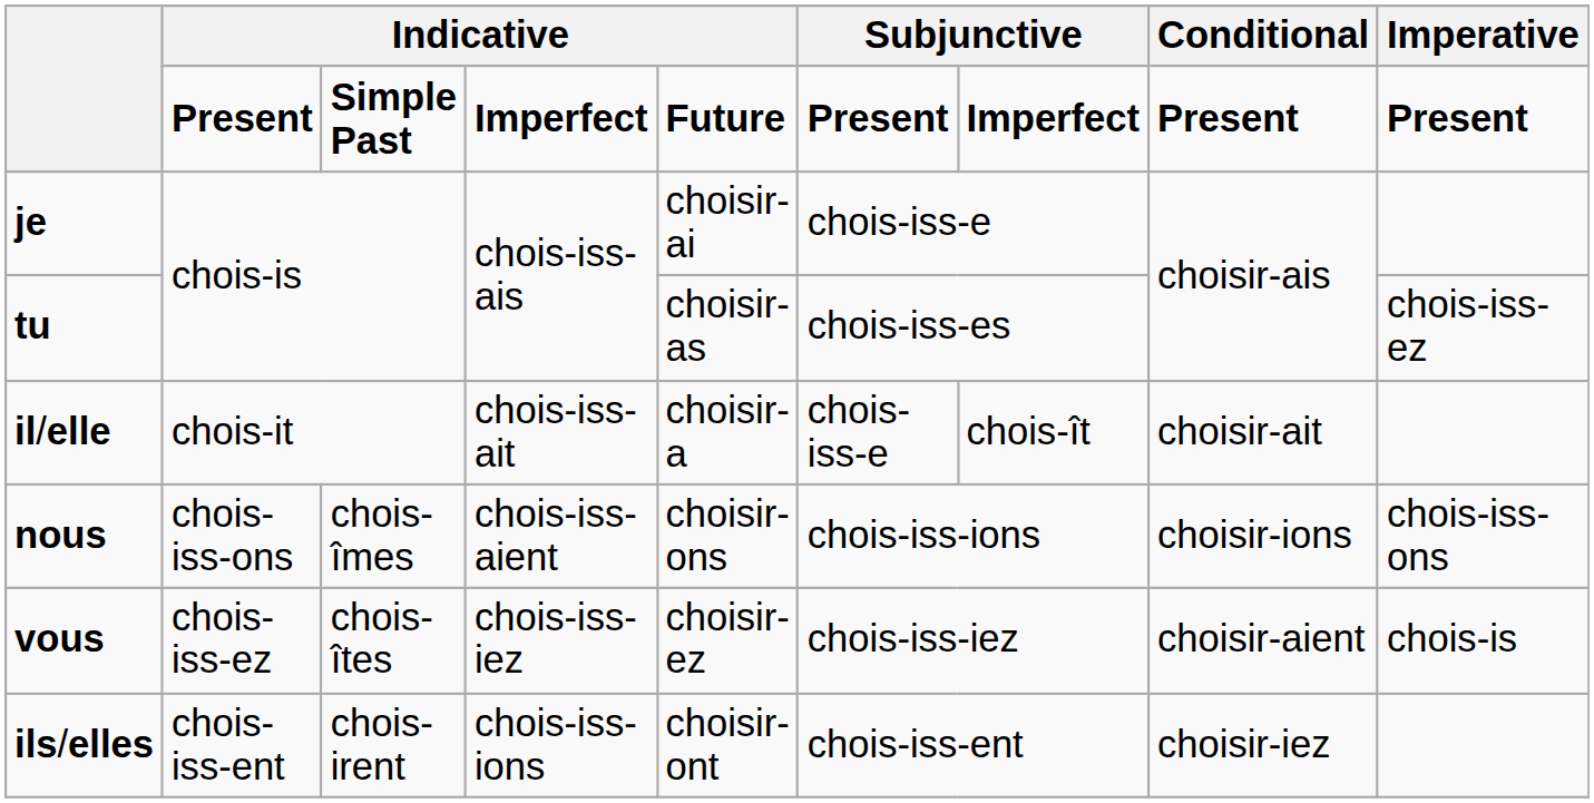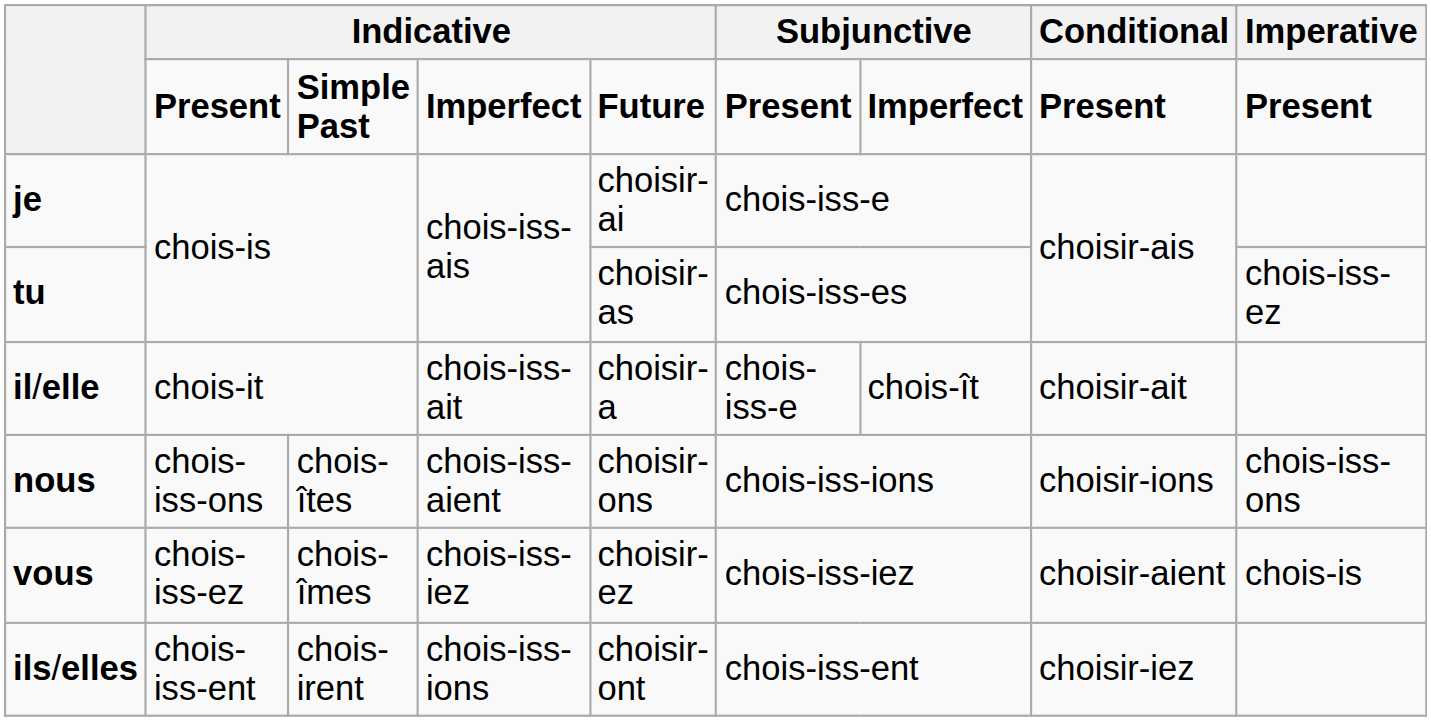 <table class="wikitable">
 <tr>
 <th rowspan="3" colspan="1"> </th>
 </tr>
 <tr>
 <th colspan="4" style="text-align: center;"><strong>Indicative</strong></th>
 <th colspan="2" style="text-align: center;"><strong>Subjunctive</strong></th>
 <th style="text-align: center;"><strong>Conditional</strong></th>
 <th style="text-align: center;"><strong>Imperative</strong></th>
 </tr>
 <tr>
 <td><strong>Present</strong></td>
 <td><strong>Simple Past</strong></td>
 <td><strong>Imperfect</strong></td>
 <td><strong>Future</strong></td>
 <td><strong>Present</strong></td>
 <td><strong>Imperfect</strong></td>
 <td><strong>Present</strong></td>
 <td><strong>Present</strong></td>
 </tr>
 <tr>
 <td><strong>je</strong></td>
 <td rowspan="2" colspan="2">chois-is</td>
 <td rowspan="2">chois-iss-ais</td>
 <td>choisir-ai</td>
 <td colspan="2">chois-iss-e</td>
 <td rowspan="2">choisir-ais</td>
 <td></td>
 </tr>
 <tr>
 <td><strong>tu</strong></td>
 <td>choisir-as</td>
 <td colspan="2">chois-iss-es</td>
 <td>chois-iss-ez</td>
 </tr>
 <tr>
 <td><strong>il</strong>/<strong>elle</strong></td>
 <td colspan="2">chois-it</td>
 <td>chois-iss-ait</td>
 <td>choisir-a</td>
 <td>chois-iss-e</td>
 <td>chois-ît</td>
 <td>choisir-ait</td>
 <td></td>
 </tr>
 <tr>
 <td><strong>nous</strong></td>
 <td>chois-iss-ons</td>
-<td>chois-îmes</td>
+<td>chois-îtes</td>
 <td>chois-iss-aient</td>
 <td>choisir-ons</td>
 <td colspan="2">chois-iss-ions</td>
 <td>choisir-ions</td>
 <td>chois-iss-ons</td>
 </tr>
 <tr>
 <td><strong>vous</strong></td>
 <td>chois-iss-ez</td>
-<td>chois-îtes</td>
+<td>chois-îmes</td>
 <td>chois-iss-iez</td>
 <td>choisir-ez</td>
 <td colspan="2">chois-iss-iez</td>
 <td>choisir-aient</td>
 <td>chois-is</td>
 </tr>
 <tr>
 <td><strong>ils</strong>/<strong>elles</strong></td>
 <td>chois-iss-ent</td>
 <td>chois-irent</td>
 <td>chois-iss-ions</td>
 <td>choisir-ont</td>
 <td colspan="2">chois-iss-ent</td>
 <td>choisir-iez</td>
 <td></td>
 </tr>
 </table>
